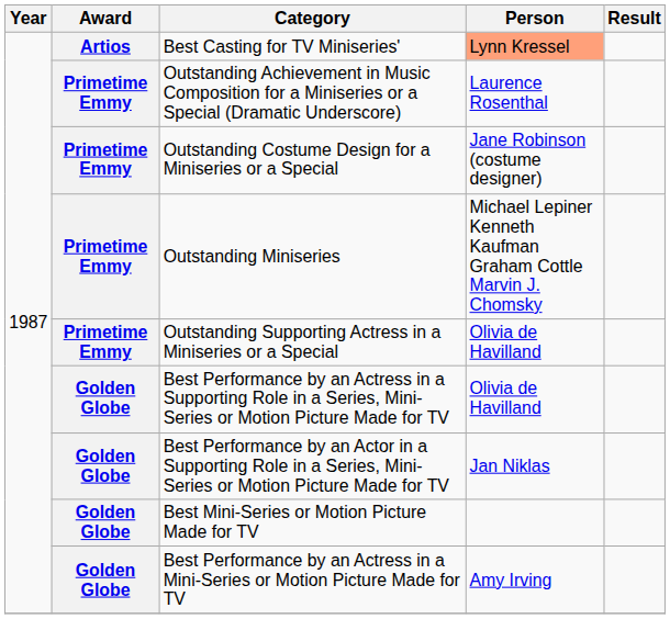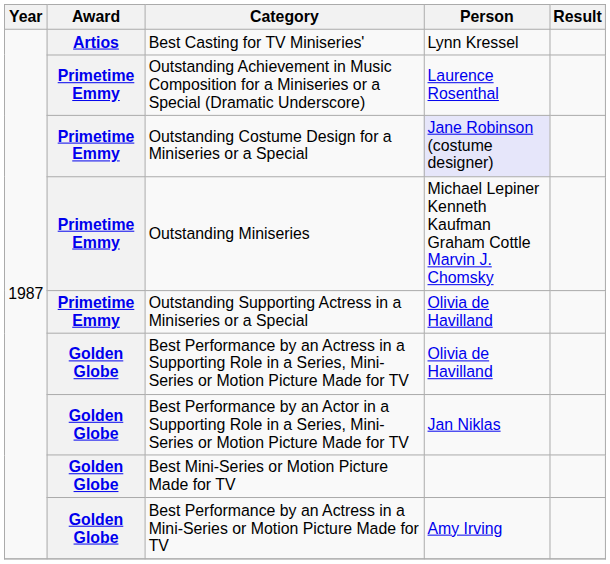 <table class="wikitable">
 <tr>
 <th>Year</th>
 <th>Award</th>
 <th>Category</th>
 <th>Person</th>
 <th>Result</th>
 </tr>
 <tr>
 <td rowspan=9>1987</td>
 <th><a href='#'>Artios</a></th>
 <td>Best Casting for TV Miniseries'</td>
-<td style="background: lightsalmon;">Lynn Kressel</td>
+<td>Lynn Kressel</td>
 <td></td>
 </tr>
 <tr>
 <th><a href='#'>Primetime Emmy</a></th>
 <td>Outstanding Achievement in Music Composition for a Miniseries or a Special (Dramatic Underscore)</td>
 <td><a href='#'>Laurence Rosenthal</a></td>
 <td></td>
 </tr>
 <tr>
 <th><a href='#'>Primetime Emmy</a></th>
 <td>Outstanding Costume Design for a Miniseries or a Special</td>
-<td><a href='#'>Jane Robinson</a> (costume designer)</td>
+<td style="background: lavender;"><a href='#'>Jane Robinson</a> (costume designer)</td>
 <td></td>
 </tr>
 <tr>
 <th><a href='#'>Primetime Emmy</a></th>
 <td>Outstanding Miniseries</td>
 <td>Michael Lepiner<br>Kenneth Kaufman<br>Graham Cottle<br><a href='#'>Marvin J. Chomsky</a></td>
 <td></td>
 </tr>
 <tr>
 <th><a href='#'>Primetime Emmy</a></th>
 <td>Outstanding Supporting Actress in a Miniseries or a Special</td>
 <td><a href='#'>Olivia de Havilland</a></td>
 <td></td>
 </tr>
 <tr>
 <th><a href='#'>Golden Globe</a></th>
 <td>Best Performance by an Actress in a Supporting Role in a Series, Mini-Series or Motion Picture Made for TV</td>
 <td><a href='#'>Olivia de Havilland</a></td>
 <td></td>
 </tr>
 <tr>
 <th><a href='#'>Golden Globe</a></th>
 <td>Best Performance by an Actor in a Supporting Role in a Series, Mini-Series or Motion Picture Made for TV</td>
 <td><a href='#'>Jan Niklas</a></td>
 <td></td>
 </tr>
 <tr>
 <th><a href='#'>Golden Globe</a></th>
 <td>Best Mini-Series or Motion Picture Made for TV</td>
 <td></td>
 <td></td>
 </tr>
 <tr>
 <th><a href='#'>Golden Globe</a></th>
 <td>Best Performance by an Actress in a Mini-Series or Motion Picture Made for TV</td>
 <td><a href='#'>Amy Irving</a></td>
 <td></td>
 </tr>
 <tr>
 </tr>
 </table>
